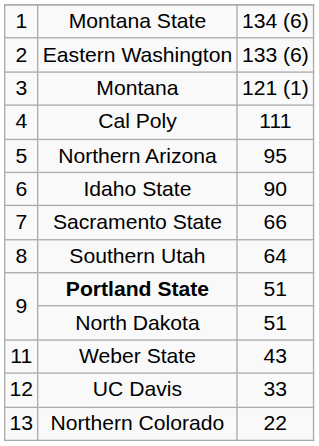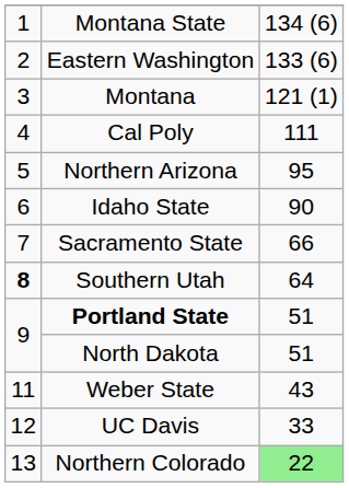 <table class="wikitable" style="display: inline-table;">
 <tr align="center">
 </tr>
 <tr align="center">
 <td>1</td>
 <td>Montana State</td>
 <td>134 (6)</td>
 </tr>
 <tr align="center">
 <td>2</td>
 <td>Eastern Washington</td>
 <td>133 (6)</td>
 </tr>
 <tr align="center">
 <td>3</td>
 <td>Montana</td>
 <td>121 (1)</td>
 </tr>
 <tr align="center">
 <td>4</td>
 <td>Cal Poly</td>
 <td>111</td>
 </tr>
 <tr align="center">
 <td>5</td>
 <td>Northern Arizona</td>
 <td>95</td>
 </tr>
 <tr align="center">
 <td>6</td>
 <td>Idaho State</td>
 <td>90</td>
 </tr>
 <tr align="center">
 <td>7</td>
 <td>Sacramento State</td>
 <td>66</td>
 </tr>
 <tr align="center">
-<td>8</td>
+<td><strong>8</strong></td>
 <td>Southern Utah</td>
 <td>64</td>
 </tr>
 <tr align="center">
 <td rowspan="2">9</td>
 <td><strong>Portland State</strong></td>
 <td>51</td>
 </tr>
 <tr align="center">
 <td>North Dakota</td>
 <td>51</td>
 </tr>
 <tr align="center">
 <td>11</td>
 <td>Weber State</td>
 <td>43</td>
 </tr>
 <tr align="center">
 <td>12</td>
 <td>UC Davis</td>
 <td>33</td>
 </tr>
 <tr align="center">
 <td>13</td>
 <td>Northern Colorado</td>
-<td>22</td>
+<td style="background: lightgreen;">22</td>
 </tr>
 </table>
